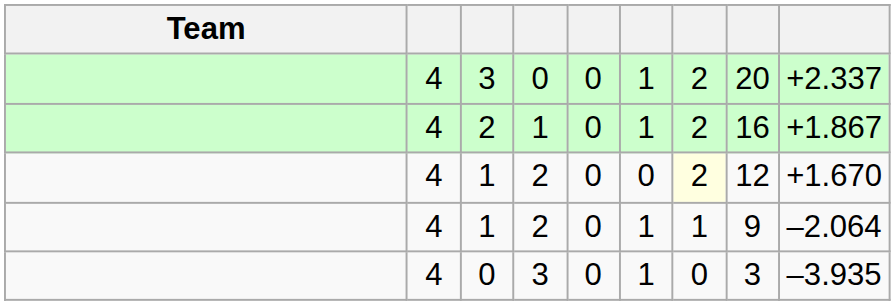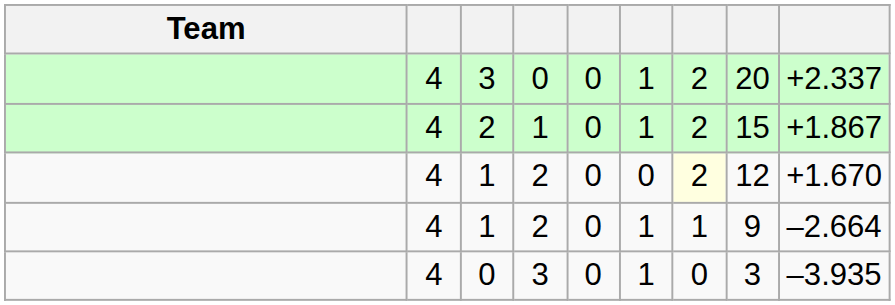 <table class="wikitable" style="text-align:center">
 <tr>
 <th width=200>Team</th>
 <th width=20></th>
 <th width=20></th>
 <th width=20></th>
 <th width=20></th>
 <th width=20></th>
 <th width=20></th>
 <th width=20></th>
 <th width=45></th>
 </tr>
 <tr style="background:#cfc">
 <td align="left"></td>
 <td>4</td>
 <td>3</td>
 <td>0</td>
 <td>0</td>
 <td>1</td>
 <td>2</td>
 <td>20</td>
 <td>+2.337</td>
 </tr>
 <tr style="background:#cfc">
 <td align="left"></td>
 <td>4</td>
 <td>2</td>
 <td>1</td>
 <td>0</td>
 <td>1</td>
 <td>2</td>
-<td>16</td>
+<td>15</td>
 <td>+1.867</td>
 </tr>
 <tr>
 <td align="left"></td>
 <td>4</td>
 <td>1</td>
 <td>2</td>
 <td>0</td>
 <td>0</td>
 <td style="background: lightyellow;">2</td>
 <td>12</td>
 <td>+1.670</td>
 </tr>
 <tr>
 <td align="left"></td>
 <td>4</td>
 <td>1</td>
 <td>2</td>
 <td>0</td>
 <td>1</td>
 <td>1</td>
 <td>9</td>
-<td>–2.064</td>
+<td>–2.664</td>
 </tr>
 <tr>
 <td align="left"></td>
 <td>4</td>
 <td>0</td>
 <td>3</td>
 <td>0</td>
 <td>1</td>
 <td>0</td>
 <td>3</td>
 <td>–3.935</td>
 </tr>
 </table>
